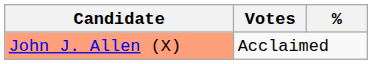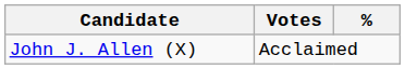 <table class="wikitable">
 <tr>
 <th style="width: 170px">Candidate</th>
 <th style="width: 50px">Votes</th>
 <th style="width: 40px">%</th>
 </tr>
 <tr>
-<td style="background: lightsalmon;"><a href='#'>John J. Allen</a> (X)</td>
+<td><a href='#'>John J. Allen</a> (X)</td>
 <td colspan="2">Acclaimed</td>
 </tr>
 </table>
